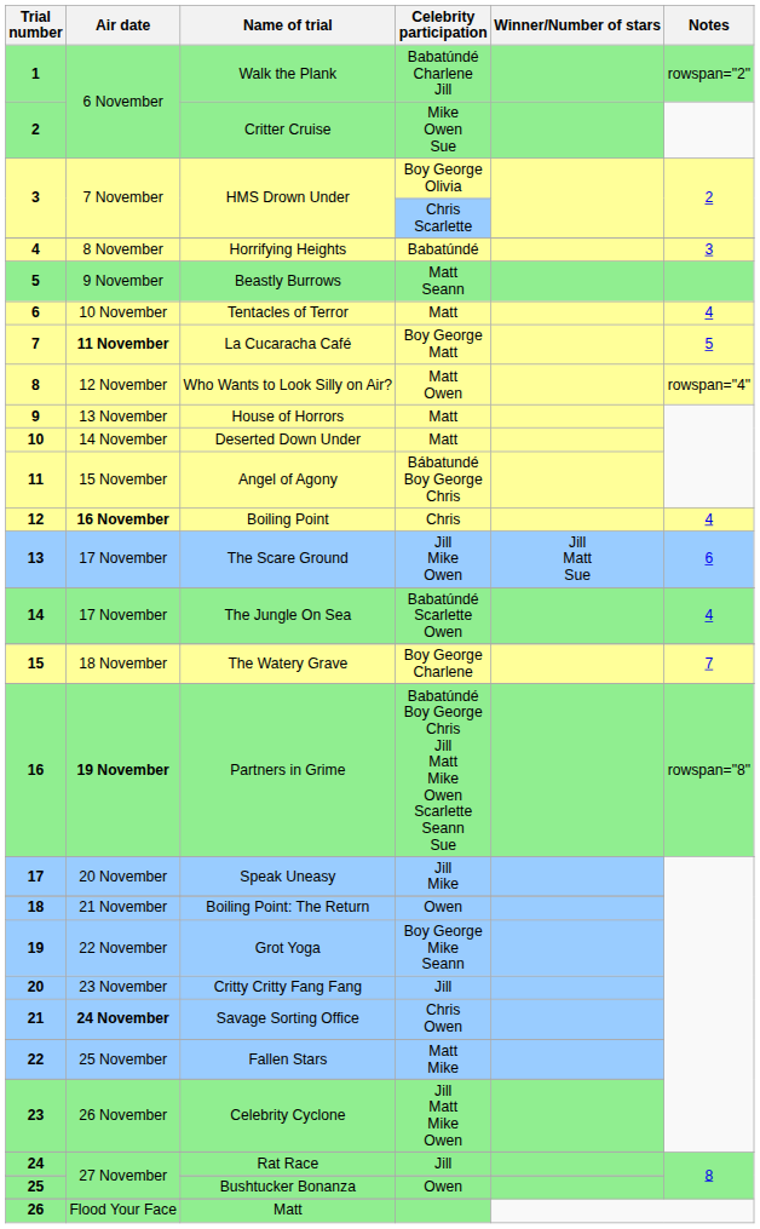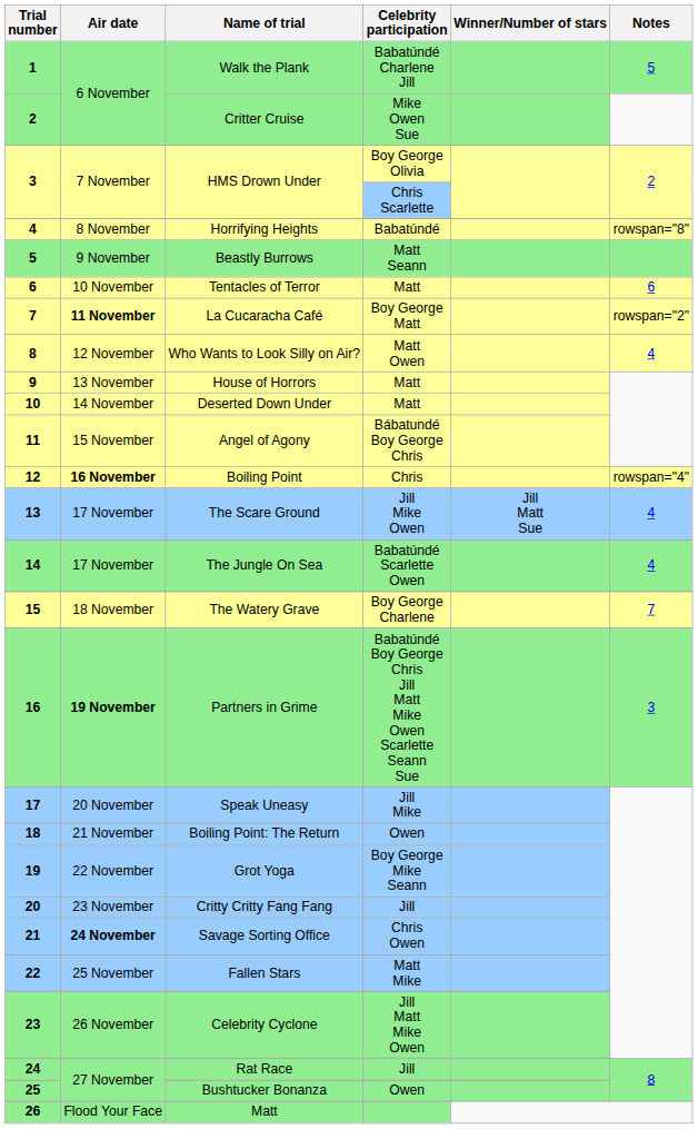 <table class=wikitable style="text-align:center">
 <tr>
 <th scope="col">Trial<br>number</th>
 <th scope="col">Air date</th>
 <th scope="col">Name of trial</th>
 <th scope="col">Celebrity<br>participation</th>
 <th scope="col">Winner/Number of stars</th>
 <th scope="col">Notes</th>
 </tr>
 <tr style="background:lightgreen;">
 <td><strong>1</strong></td>
 <td rowspan=2>6 November</td>
 <td>Walk the Plank</td>
 <td>Babatúndé<br>Charlene<br>Jill</td>
 <td></td>
-<td>rowspan="2" </td>
+<td><a href='#'>5</a></td>
 </tr>
 <tr style="background:lightgreen;">
 <td><strong>2</strong></td>
 <td>Critter Cruise</td>
 <td>Mike<br>Owen<br>Sue</td>
 <td></td>
 </tr>
 <tr style="background:#ff9;">
 <td rowspan=2><strong>3</strong></td>
 <td rowspan=2>7 November</td>
 <td rowspan=2>HMS Drown Under</td>
 <td>Boy George<br>Olivia</td>
 <td rowspan=2></td>
 <td rowspan=2><a href='#'>2</a></td>
 </tr>
 <tr style="background:#99CCFF;">
 <td>Chris<br>Scarlette</td>
 </tr>
 <tr>
 </tr>
 <tr style="background:#ff9;">
 <td><strong>4</strong></td>
 <td>8 November</td>
 <td>Horrifying Heights</td>
 <td>Babatúndé</td>
 <td></td>
-<td><a href='#'>3</a></td>
+<td>rowspan="8" </td>
 </tr>
 <tr style="background:lightgreen;">
 <td><strong>5</strong></td>
 <td>9 November</td>
 <td>Beastly Burrows</td>
 <td>Matt<br>Seann</td>
 <td></td>
 <td></td>
 </tr>
 <tr style="background:#ff9;">
 <td><strong>6</strong></td>
 <td>10 November</td>
 <td>Tentacles of Terror</td>
 <td>Matt</td>
 <td></td>
-<td><a href='#'>4</a></td>
+<td><a href='#'>6</a></td>
 </tr>
 <tr style="background:#ff9;">
 <td><strong>7</strong></td>
 <td><strong>11 November</strong></td>
 <td>La Cucaracha Café</td>
 <td>Boy George<br>Matt</td>
 <td></td>
-<td><a href='#'>5</a></td>
+<td>rowspan="2" </td>
 </tr>
 <tr style="background:#ff9;">
 <td><strong>8</strong></td>
 <td>12 November</td>
 <td>Who Wants to Look Silly on Air?</td>
 <td>Matt<br>Owen</td>
 <td></td>
-<td>rowspan="4" </td>
+<td><a href='#'>4</a></td>
 </tr>
 <tr style="background:#ff9;">
 <td><strong>9</strong></td>
 <td>13 November</td>
 <td>House of Horrors</td>
 <td>Matt</td>
 <td></td>
 </tr>
 <tr style="background:#ff9;">
 <td><strong>10</strong></td>
 <td>14 November</td>
 <td>Deserted Down Under</td>
 <td>Matt</td>
 <td></td>
 </tr>
 <tr style="background:#ff9;">
 <td><strong>11</strong></td>
 <td>15 November</td>
 <td>Angel of Agony</td>
 <td>Bábatundé<br>Boy George<br>Chris</td>
 <td></td>
 </tr>
 <tr style="background:#ff9;">
 <td><strong>12</strong></td>
 <td><strong>16 November</strong></td>
 <td>Boiling Point</td>
 <td>Chris</td>
 <td></td>
-<td><a href='#'>4</a></td>
+<td>rowspan="4" </td>
 </tr>
 <tr style="background:#99ccff;">
 <td><strong>13</strong></td>
 <td>17 November</td>
 <td>The Scare Ground</td>
 <td>Jill<br>Mike<br>Owen</td>
 <td>Jill<br>Matt<br>Sue</td>
-<td><a href='#'>6</a></td>
+<td><a href='#'>4</a></td>
 </tr>
 <tr>
 </tr>
 <tr style="background:lightgreen;">
 <td><strong>14</strong></td>
 <td>17 November</td>
 <td>The Jungle On Sea</td>
 <td>Babatúndé<br>Scarlette<br>Owen</td>
 <td></td>
 <td><a href='#'>4</a></td>
 </tr>
 <tr>
 </tr>
 <tr style="background:#ff9;">
 <td><strong>15</strong></td>
 <td>18 November</td>
 <td>The Watery Grave</td>
 <td>Boy George <br> Charlene</td>
 <td></td>
 <td><a href='#'>7</a></td>
 </tr>
 <tr>
 </tr>
 <tr style="background:lightgreen;">
 <td><strong>16</strong></td>
 <td><strong>19 November</strong></td>
 <td>Partners in Grime</td>
 <td>Babatúndé<br> Boy George <br> Chris<br> Jill<br> Matt<br>Mike<br> Owen <br>Scarlette<br> Seann<br> Sue</td>
 <td></td>
-<td>rowspan="8" </td>
+<td><a href='#'>3</a></td>
 </tr>
 <tr>
 </tr>
 <tr style="background:#99ccff;">
 <td><strong>17</strong></td>
 <td>20 November</td>
 <td>Speak Uneasy</td>
 <td>Jill<br>Mike</td>
 <td></td>
 </tr>
 <tr>
 </tr>
 <tr style="background:#99ccff;">
 <td><strong>18</strong></td>
 <td>21 November</td>
 <td>Boiling Point: The Return</td>
 <td>Owen</td>
 <td></td>
 </tr>
 <tr style="background:#99ccff;">
 <td><strong>19</strong></td>
 <td>22 November</td>
 <td>Grot Yoga</td>
 <td>Boy George<br>Mike<br>Seann</td>
 <td></td>
 </tr>
 <tr style="background:#99ccff;">
 <td><strong>20</strong></td>
 <td>23 November</td>
 <td>Critty Critty Fang Fang</td>
 <td>Jill</td>
 <td></td>
 </tr>
 <tr style="background:#99ccff;">
 <td><strong>21</strong></td>
 <td><strong>24 November</strong></td>
 <td>Savage Sorting Office</td>
 <td>Chris<br>Owen</td>
 <td></td>
 </tr>
 <tr>
 </tr>
 <tr style="background:#99ccff;">
 <td><strong>22</strong></td>
 <td>25 November</td>
 <td>Fallen Stars</td>
 <td>Matt<br>Mike</td>
 <td></td>
 </tr>
 <tr>
 </tr>
 <tr style="background:lightgreen;">
 <td><strong>23</strong></td>
 <td>26 November</td>
 <td>Celebrity Cyclone</td>
 <td>Jill<br>Matt<br>Mike<br>Owen</td>
 <td></td>
 </tr>
 <tr>
 </tr>
 <tr style="background:lightgreen;">
 <td><strong>24</strong></td>
 <td Rowspan=3>27 November</td>
 <td>Rat Race</td>
 <td>Jill</td>
 <td></td>
 <td Rowspan=3><a href='#'>8</a></td>
 </tr>
 <tr>
 </tr>
 <tr style="background:lightgreen;">
 <td><strong>25</strong></td>
 <td>Bushtucker Bonanza</td>
 <td>Owen</td>
 <td></td>
 </tr>
 <tr>
 </tr>
 <tr style="background:lightgreen;">
 <td><strong>26</strong></td>
 <td>Flood Your Face</td>
 <td>Matt</td>
 <td></td>
 </tr>
 </table>
